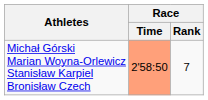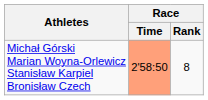 <table class="wikitable" border="1" style="font-size:90%">
 <tr>
 <th rowspan=2>Athletes</th>
 <th colspan=2>Race</th>
 </tr>
 <tr>
 <th>Time</th>
 <th>Rank</th>
 </tr>
 <tr>
 <td><a href='#'>Michał Górski</a><br><a href='#'>Marian Woyna-Orlewicz</a><br><a href='#'>Stanisław Karpiel</a><br><a href='#'>Bronisław Czech</a></td>
 <td align=center style="background: lightsalmon;">2'58:50</td>
-<td align=center>7</td>
+<td align=center>8</td>
 </tr>
 </table>
